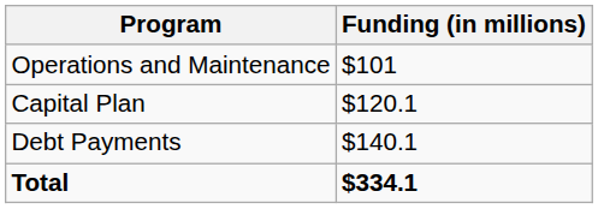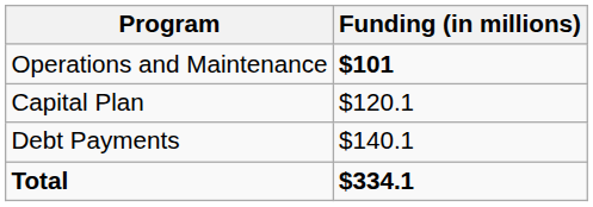 <table border="1" cellspacing="0" cellpadding="5" style="border-collapse:collapse;" class="wikitable">
 <tr>
 <th>Program</th>
 <th>Funding (in millions)</th>
 </tr>
 <tr>
 <td>Operations and Maintenance</td>
-<td>$101</td>
+<td><strong>$101</strong></td>
 </tr>
 <tr>
 <td>Capital Plan</td>
 <td>$120.1</td>
 </tr>
 <tr>
 <td>Debt Payments</td>
 <td>$140.1</td>
 </tr>
 <tr>
 <td><strong>Total</strong></td>
 <td><strong>$334.1</strong></td>
 </tr>
 </table>
